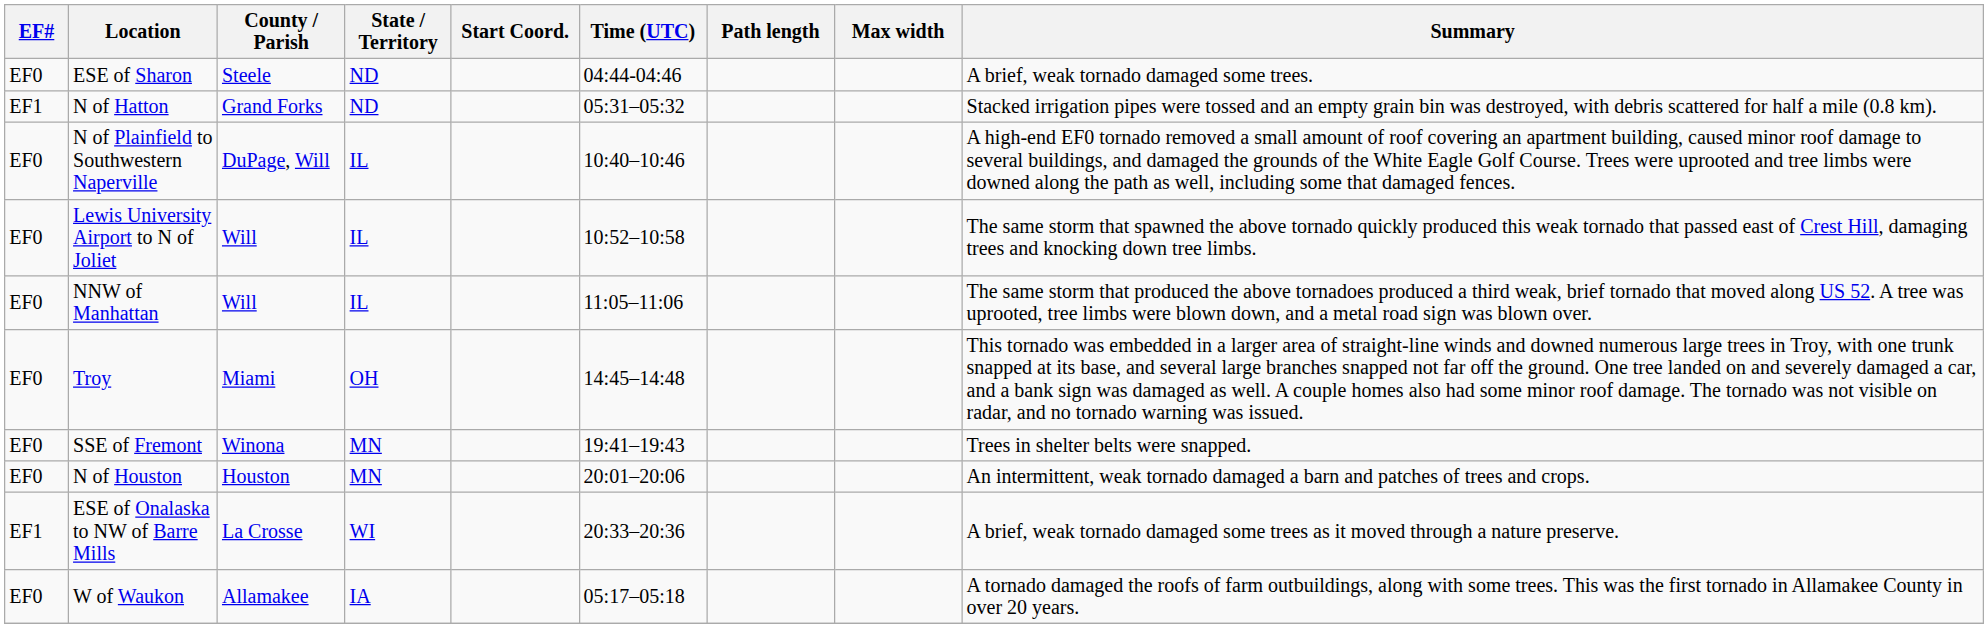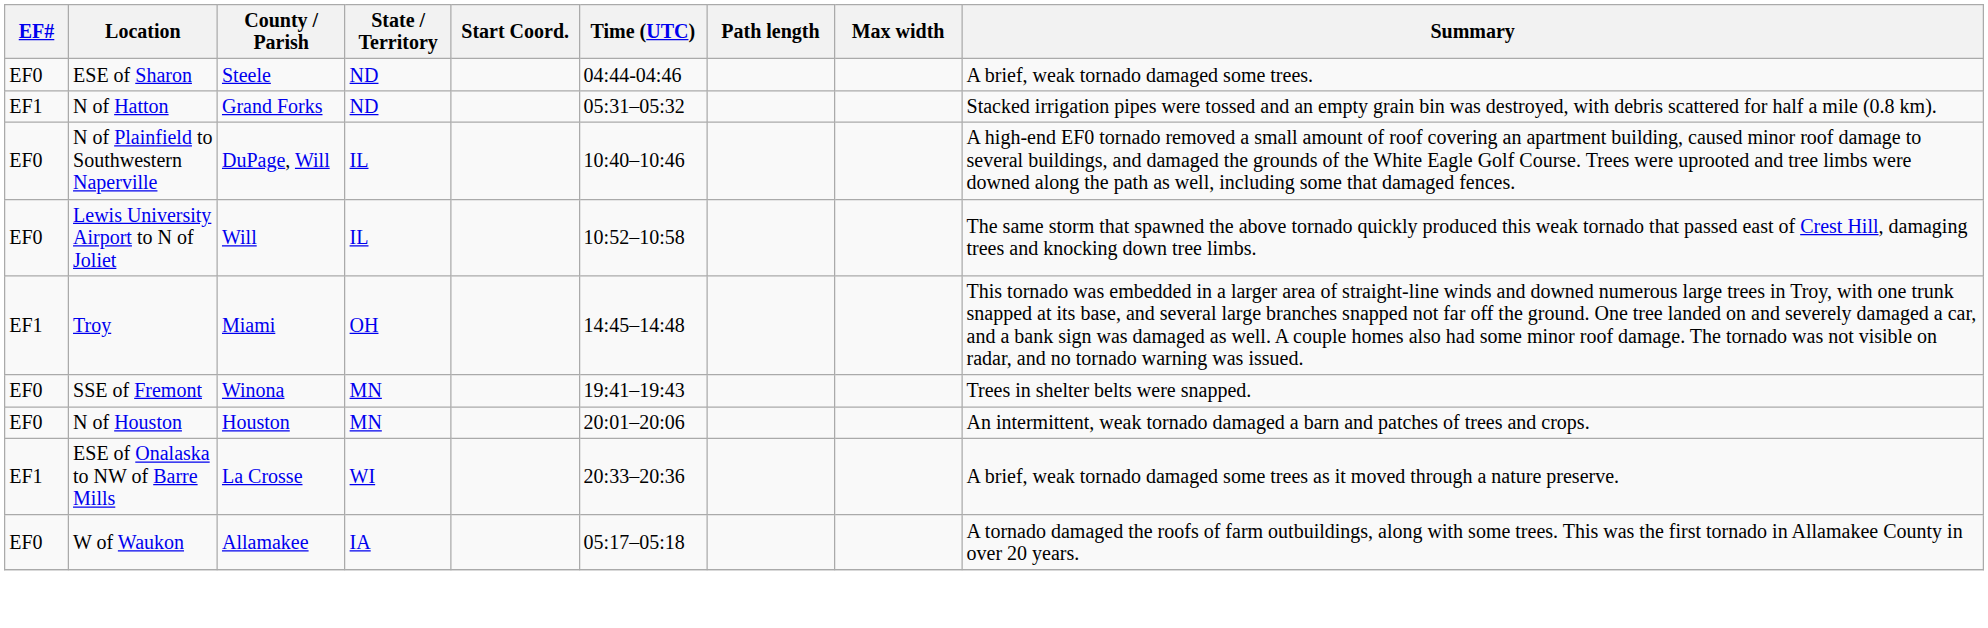 <table class="wikitable sortable" style="width:100%;">
 <tr>
 <th scope="col"  style="width:3%; text-align:center;"><a href='#'>EF#</a></th>
 <th scope="col"  style="width:7%; text-align:center;" class="unsortable">Location</th>
 <th scope="col"  style="width:6%; text-align:center;" class="unsortable">County / Parish</th>
 <th scope="col"  style="width:5%; text-align:center;">State / Territory</th>
 <th scope="col"  style="width:6%; text-align:center;">Start Coord.</th>
 <th scope="col"  style="width:6%; text-align:center;">Time (<a href='#'>UTC</a>)</th>
 <th scope="col"  style="width:6%; text-align:center;">Path length</th>
 <th scope="col"  style="width:6%; text-align:center;">Max width</th>
 <th scope="col" class="unsortable" style="width:48%; text-align:center;">Summary</th>
 </tr>
 <tr>
 <td>EF0</td>
 <td>ESE of <a href='#'>Sharon</a></td>
 <td><a href='#'>Steele</a></td>
 <td><a href='#'>ND</a></td>
 <td></td>
 <td>04:44-04:46</td>
 <td></td>
 <td></td>
 <td>A brief, weak tornado damaged some trees.</td>
 </tr>
 <tr>
 <td>EF1</td>
 <td>N of <a href='#'>Hatton</a></td>
 <td><a href='#'>Grand Forks</a></td>
 <td><a href='#'>ND</a></td>
 <td></td>
 <td>05:31–05:32</td>
 <td></td>
 <td></td>
 <td>Stacked irrigation pipes were tossed and an empty grain bin was destroyed, with debris scattered for half a mile (0.8 km).</td>
 </tr>
 <tr>
 <td>EF0</td>
 <td>N of <a href='#'>Plainfield</a> to Southwestern <a href='#'>Naperville</a></td>
 <td><a href='#'>DuPage</a>, <a href='#'>Will</a></td>
 <td><a href='#'>IL</a></td>
 <td></td>
 <td>10:40–10:46</td>
 <td></td>
 <td></td>
 <td>A high-end EF0 tornado removed a small amount of roof covering an apartment building, caused minor roof damage to several buildings, and damaged the grounds of the White Eagle Golf Course. Trees were uprooted and tree limbs were downed along the path as well, including some that damaged fences.</td>
 </tr>
 <tr>
 <td>EF0</td>
 <td><a href='#'>Lewis University Airport</a> to N of <a href='#'>Joliet</a></td>
 <td><a href='#'>Will</a></td>
 <td><a href='#'>IL</a></td>
 <td></td>
 <td>10:52–10:58</td>
 <td></td>
 <td></td>
 <td>The same storm that spawned the above tornado quickly produced this weak tornado that passed east of <a href='#'>Crest Hill</a>, damaging trees and knocking down tree limbs.</td>
 </tr>
 <tr>
-<td>EF0</td>
-<td>NNW of <a href='#'>Manhattan</a></td>
-<td><a href='#'>Will</a></td>
-<td><a href='#'>IL</a></td>
-<td></td>
-<td>11:05–11:06</td>
-<td></td>
-<td></td>
-<td>The same storm that produced the above tornadoes produced a third weak, brief tornado that moved along <a href='#'>US 52</a>. A tree was uprooted, tree limbs were blown down, and a metal road sign was blown over.</td>
-</tr>
-<tr>
-<td>EF0</td>
+<td>EF1</td>
 <td><a href='#'>Troy</a></td>
 <td><a href='#'>Miami</a></td>
 <td><a href='#'>OH</a></td>
 <td></td>
 <td>14:45–14:48</td>
 <td></td>
 <td></td>
 <td>This tornado was embedded in a larger area of straight-line winds and downed numerous large trees in Troy, with one trunk snapped at its base, and several large branches snapped not far off the ground. One tree landed on and severely damaged a car, and a bank sign was damaged as well. A couple homes also had some minor roof damage. The tornado was not visible on radar, and no tornado warning was issued.</td>
 </tr>
 <tr>
 <td>EF0</td>
 <td>SSE of <a href='#'>Fremont</a></td>
 <td><a href='#'>Winona</a></td>
 <td><a href='#'>MN</a></td>
 <td></td>
 <td>19:41–19:43</td>
 <td></td>
 <td></td>
 <td>Trees in shelter belts were snapped.</td>
 </tr>
 <tr>
 <td>EF0</td>
 <td>N of <a href='#'>Houston</a></td>
 <td><a href='#'>Houston</a></td>
 <td><a href='#'>MN</a></td>
 <td></td>
 <td>20:01–20:06</td>
 <td></td>
 <td></td>
 <td>An intermittent, weak tornado damaged a barn and patches of trees and crops.</td>
 </tr>
 <tr>
 <td>EF1</td>
 <td>ESE of <a href='#'>Onalaska</a> to NW of <a href='#'>Barre Mills</a></td>
 <td><a href='#'>La Crosse</a></td>
 <td><a href='#'>WI</a></td>
 <td></td>
 <td>20:33–20:36</td>
 <td></td>
 <td></td>
 <td>A brief, weak tornado damaged some trees as it moved through a nature preserve.</td>
 </tr>
 <tr>
 <td>EF0</td>
 <td>W of <a href='#'>Waukon</a></td>
 <td><a href='#'>Allamakee</a></td>
 <td><a href='#'>IA</a></td>
 <td></td>
 <td>05:17–05:18</td>
 <td></td>
 <td></td>
 <td>A tornado damaged the roofs of farm outbuildings, along with some trees. This was the first tornado in Allamakee County in over 20 years.</td>
 </tr>
 <tr>
 </tr>
 </table>
